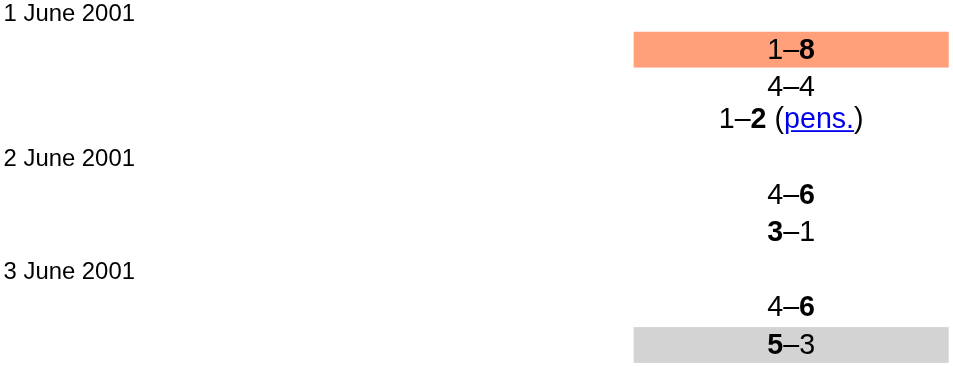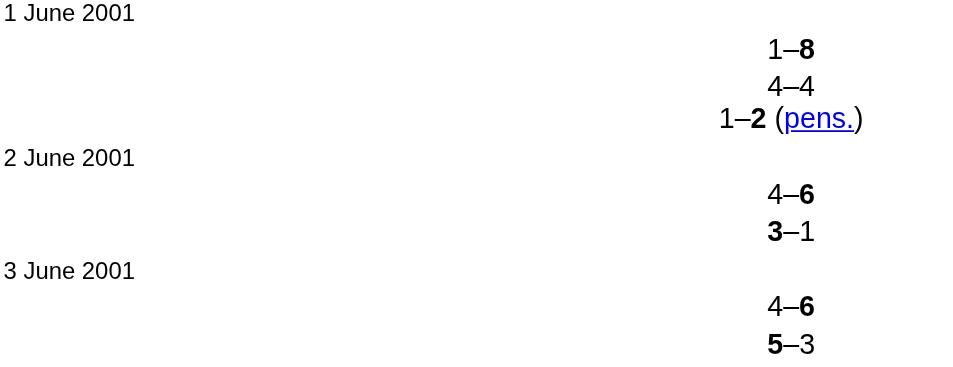 <table width=100% cellspacing=1>
 <tr>
 <th width=40%></th>
 <th width=20%></th>
 <th></th>
 </tr>
 <tr>
 <td><small>1 June 2001</small></td>
 </tr>
 <tr>
 <td align=right></td>
-<td align=center style="background: lightsalmon;">1–<strong>8</strong></td>
+<td align=center>1–<strong>8</strong></td>
 <td><strong></strong></td>
 </tr>
 <tr>
 <td align=right></td>
 <td align=center>4–4 <br>1–<strong>2</strong> (<a href='#'>pens.</a>)</td>
 <td></td>
 </tr>
 <tr>
 <td><small>2 June 2001</small></td>
 </tr>
 <tr>
 <td align=right></td>
 <td align=center>4–<strong>6</strong></td>
 <td><strong></strong></td>
 </tr>
 <tr>
 <td align=right><strong></strong></td>
 <td align=center><strong>3</strong>–1</td>
 <td></td>
 </tr>
 <tr>
 <td><small>3 June 2001</small></td>
 </tr>
 <tr>
 <td align=right></td>
 <td align=center>4–<strong>6</strong></td>
 <td><strong></strong></td>
 </tr>
 <tr>
 <td align=right><strong></strong></td>
-<td align=center style="background: lightgrey;"><strong>5</strong>–3</td>
+<td align=center><strong>5</strong>–3</td>
 <td></td>
 </tr>
 </table>
